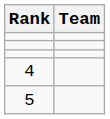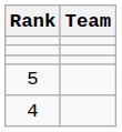 <table class=wikitable style="text-align:center;">
 <tr>
 <th>Rank</th>
 <th>Team</th>
 </tr>
 <tr>
 <td></td>
 <td align=left></td>
 </tr>
 <tr>
 <td></td>
 <td align=left></td>
 </tr>
 <tr>
 <td></td>
 <td align=left></td>
 </tr>
 <tr>
+<td>5</td>
+<td align=left></td>
+</tr>
+<tr>
 <td>4</td>
 <td align=left></td>
 </tr>
-<tr>
-<td>5</td>
-<td align=left></td>
-</tr>
 </table>
